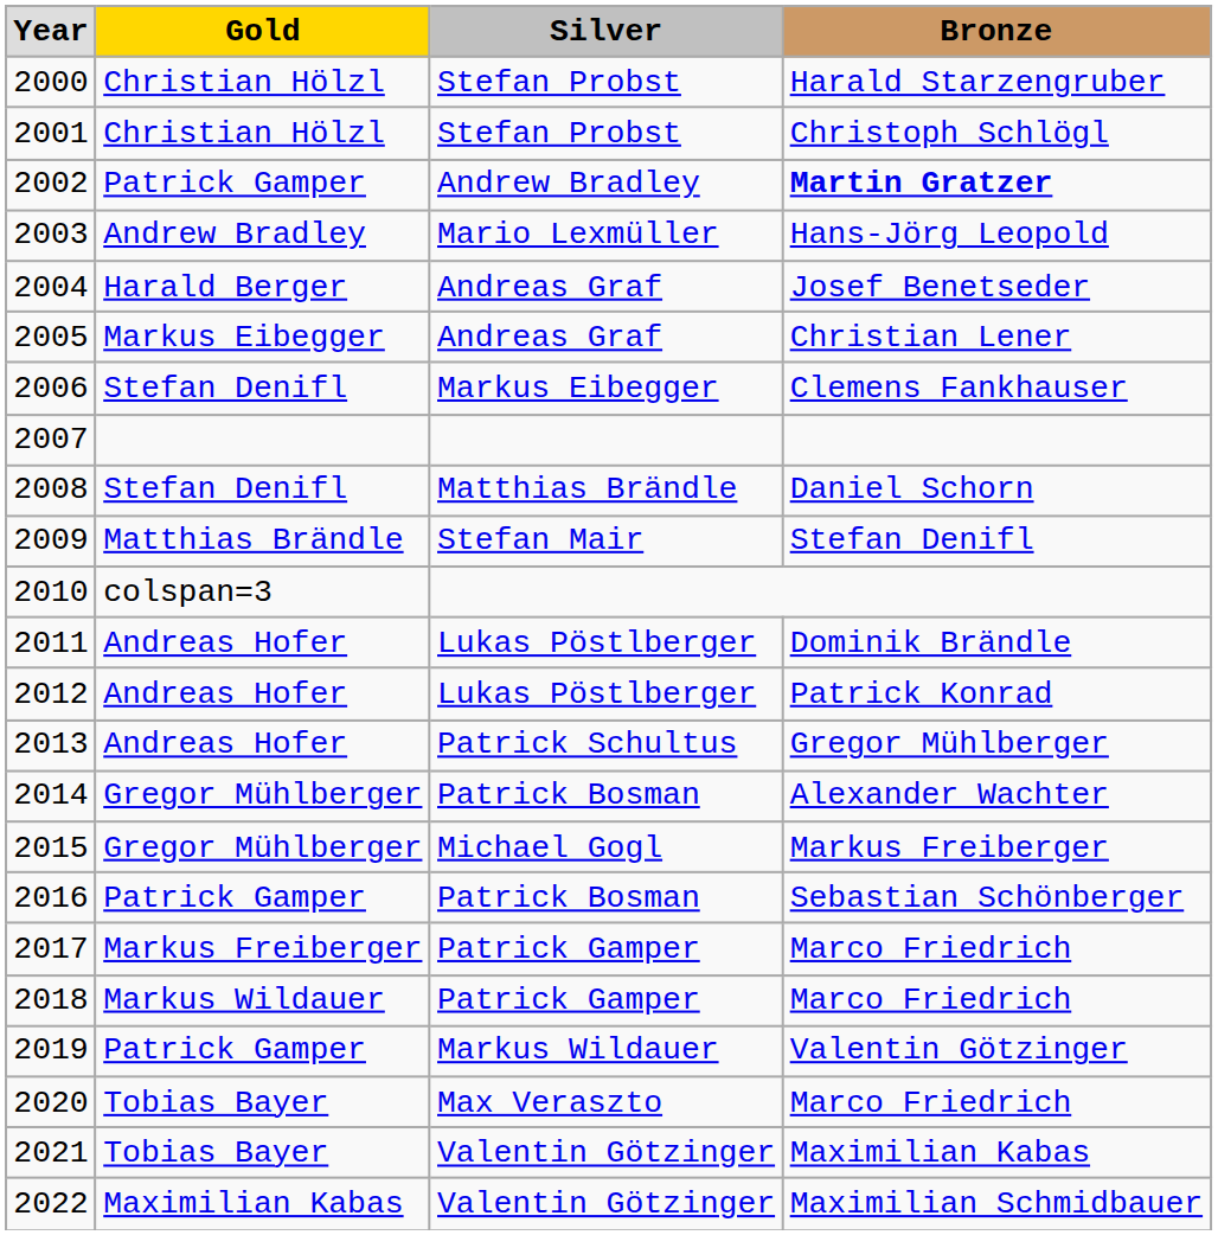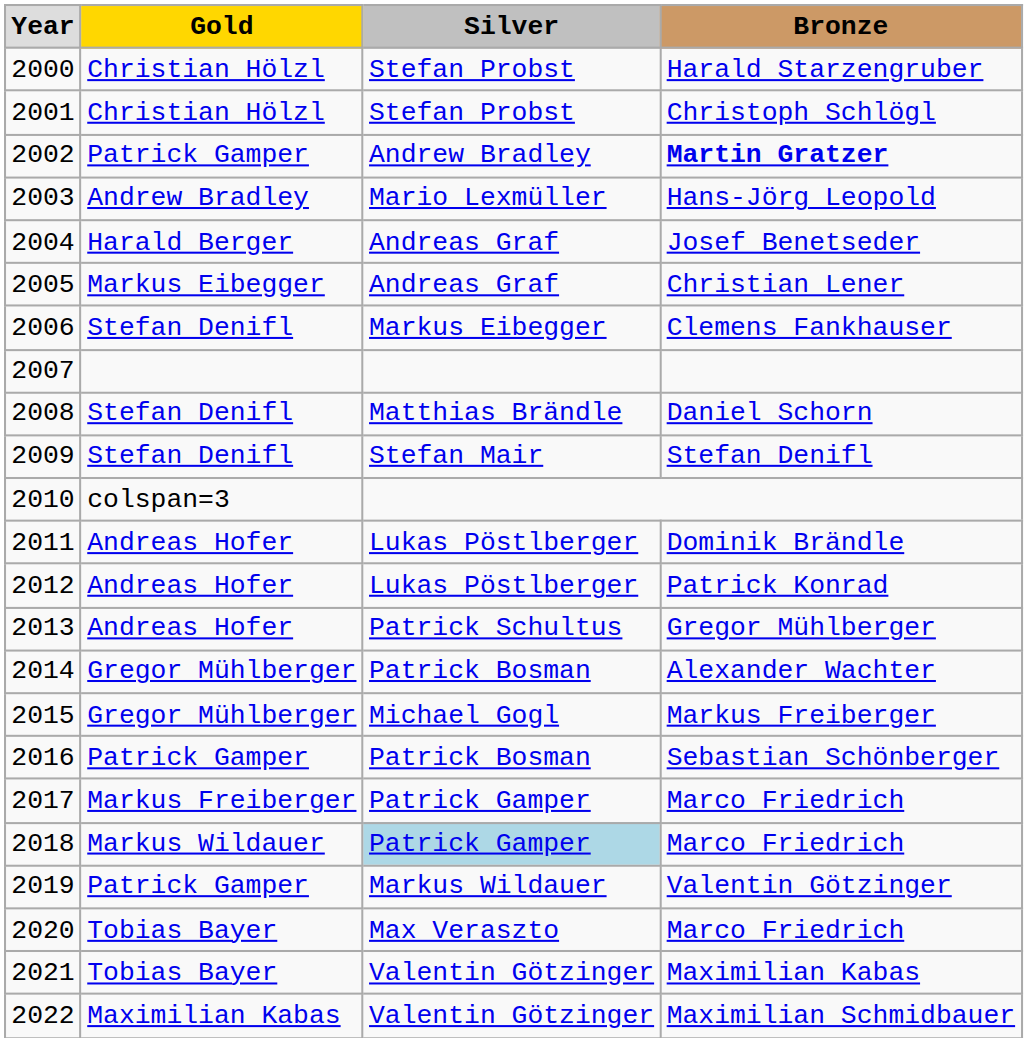 <table class="wikitable" style="text-align:left;">
 <tr style="text-align:center; font-weight:bold;">
 <td style="background:#ddd; ">Year</td>
 <td style="background:gold; ">Gold</td>
 <td style="background:silver; ">Silver</td>
 <td style="background:#c96; ">Bronze</td>
 </tr>
 <tr>
 <td>2000</td>
 <td><a href='#'>Christian Hölzl</a></td>
 <td><a href='#'>Stefan Probst</a></td>
 <td><a href='#'>Harald Starzengruber</a></td>
 </tr>
 <tr>
 <td>2001</td>
 <td><a href='#'>Christian Hölzl</a></td>
 <td><a href='#'>Stefan Probst</a></td>
 <td><a href='#'>Christoph Schlögl</a></td>
 </tr>
 <tr>
 <td>2002</td>
 <td><a href='#'>Patrick Gamper</a></td>
 <td><a href='#'>Andrew Bradley</a></td>
 <td><strong><a href='#'>Martin Gratzer</a></strong></td>
 </tr>
 <tr>
 <td>2003</td>
 <td><a href='#'>Andrew Bradley</a></td>
 <td><a href='#'>Mario Lexmüller</a></td>
 <td><a href='#'>Hans-Jörg Leopold</a></td>
 </tr>
 <tr>
 <td>2004</td>
 <td><a href='#'>Harald Berger</a></td>
 <td><a href='#'>Andreas Graf</a></td>
 <td><a href='#'>Josef Benetseder</a></td>
 </tr>
 <tr>
 <td>2005</td>
 <td><a href='#'>Markus Eibegger</a></td>
 <td><a href='#'>Andreas Graf</a></td>
 <td><a href='#'>Christian Lener</a></td>
 </tr>
 <tr>
 <td>2006</td>
 <td><a href='#'>Stefan Denifl</a></td>
 <td><a href='#'>Markus Eibegger</a></td>
 <td><a href='#'>Clemens Fankhauser</a></td>
 </tr>
 <tr>
 <td>2007</td>
 <td></td>
 <td></td>
 <td></td>
 </tr>
 <tr>
 <td>2008</td>
 <td><a href='#'>Stefan Denifl</a></td>
 <td><a href='#'>Matthias Brändle</a></td>
 <td><a href='#'>Daniel Schorn</a></td>
 </tr>
 <tr>
 <td>2009</td>
-<td><a href='#'>Matthias Brändle</a></td>
+<td><a href='#'>Stefan Denifl</a></td>
 <td><a href='#'>Stefan Mair</a></td>
 <td><a href='#'>Stefan Denifl</a></td>
 </tr>
 <tr>
 <td>2010</td>
 <td>colspan=3 </td>
 </tr>
 <tr>
 <td>2011</td>
 <td><a href='#'>Andreas Hofer</a></td>
 <td><a href='#'>Lukas Pöstlberger</a></td>
 <td><a href='#'>Dominik Brändle</a></td>
 </tr>
 <tr>
 <td>2012</td>
 <td><a href='#'>Andreas Hofer</a></td>
 <td><a href='#'>Lukas Pöstlberger</a></td>
 <td><a href='#'>Patrick Konrad</a></td>
 </tr>
 <tr>
 <td>2013</td>
 <td><a href='#'>Andreas Hofer</a></td>
 <td><a href='#'>Patrick Schultus</a></td>
 <td><a href='#'>Gregor Mühlberger</a></td>
 </tr>
 <tr>
 <td>2014</td>
 <td><a href='#'>Gregor Mühlberger</a></td>
 <td><a href='#'>Patrick Bosman</a></td>
 <td><a href='#'>Alexander Wachter</a></td>
 </tr>
 <tr>
 <td>2015</td>
 <td><a href='#'>Gregor Mühlberger</a></td>
 <td><a href='#'>Michael Gogl</a></td>
 <td><a href='#'>Markus Freiberger</a></td>
 </tr>
 <tr>
 <td>2016</td>
 <td><a href='#'>Patrick Gamper</a></td>
 <td><a href='#'>Patrick Bosman</a></td>
 <td><a href='#'>Sebastian Schönberger</a></td>
 </tr>
 <tr>
 <td>2017</td>
 <td><a href='#'>Markus Freiberger</a></td>
 <td><a href='#'>Patrick Gamper</a></td>
 <td><a href='#'>Marco Friedrich</a></td>
 </tr>
 <tr>
 <td>2018</td>
 <td><a href='#'>Markus Wildauer</a></td>
-<td><a href='#'>Patrick Gamper</a></td>
+<td style="background: lightblue;"><a href='#'>Patrick Gamper</a></td>
 <td><a href='#'>Marco Friedrich</a></td>
 </tr>
 <tr>
 <td>2019</td>
 <td><a href='#'>Patrick Gamper</a></td>
 <td><a href='#'>Markus Wildauer</a></td>
 <td><a href='#'>Valentin Götzinger</a></td>
 </tr>
 <tr>
 <td>2020</td>
 <td><a href='#'>Tobias Bayer</a></td>
 <td><a href='#'>Max Veraszto</a></td>
 <td><a href='#'>Marco Friedrich</a></td>
 </tr>
 <tr>
 <td>2021</td>
 <td><a href='#'>Tobias Bayer</a></td>
 <td><a href='#'>Valentin Götzinger</a></td>
 <td><a href='#'>Maximilian Kabas</a></td>
 </tr>
 <tr>
 <td>2022</td>
 <td><a href='#'>Maximilian Kabas</a></td>
 <td><a href='#'>Valentin Götzinger</a></td>
 <td><a href='#'>Maximilian Schmidbauer</a></td>
 </tr>
 </table>
